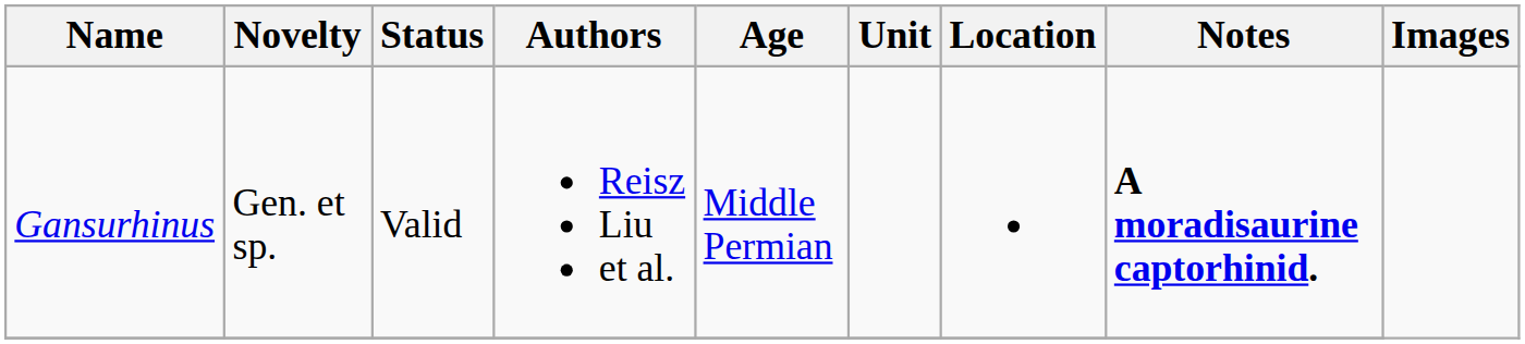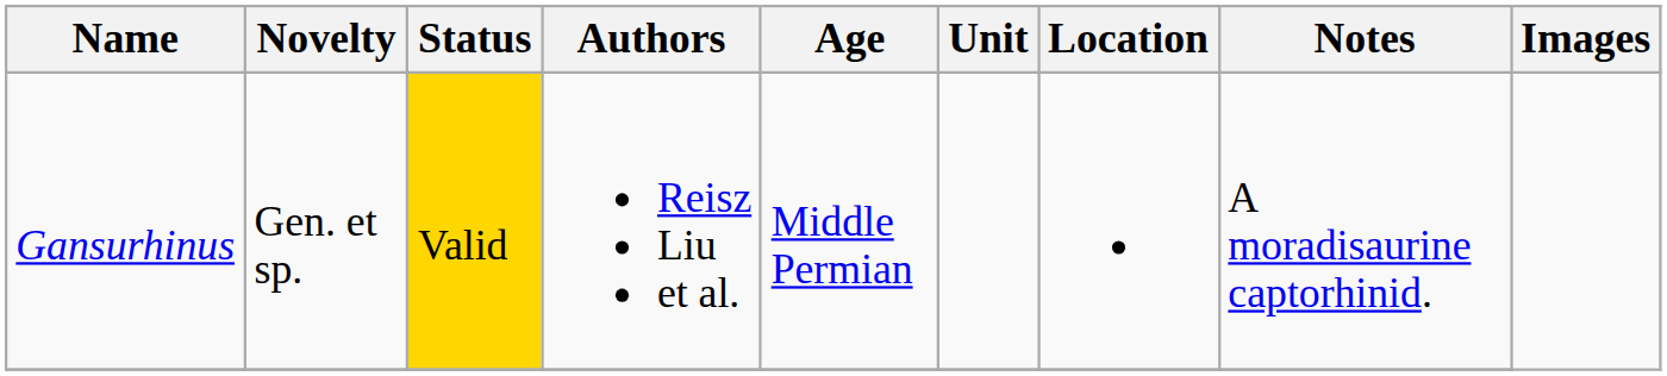 <table class="wikitable sortable" align="center" width="100%">
 <tr>
 <th>Name</th>
 <th>Novelty</th>
 <th>Status</th>
 <th>Authors</th>
 <th>Age</th>
 <th>Unit</th>
 <th>Location</th>
 <th>Notes</th>
 <th>Images</th>
 </tr>
 <tr>
 <td><br><em><a href='#'>Gansurhinus</a></em></td>
 <td><br>Gen. et sp.</td>
-<td><br>Valid</td>
+<td style="background: gold;"><br>Valid</td>
 <td><br><ul><li><a href='#'>Reisz</a></li><li>Liu</li><li>et al.</li></ul></td>
 <td><br><a href='#'>Middle Permian</a></td>
 <td></td>
 <td><br><ul><li></li></ul></td>
-<td><strong><br>A <a href='#'>moradisaurine</a> <a href='#'>captorhinid</a>.</strong></td>
+<td><br>A <a href='#'>moradisaurine</a> <a href='#'>captorhinid</a>.</td>
 <td rowspan="99"></td>
 </tr>
 <tr>
 </tr>
 </table>
